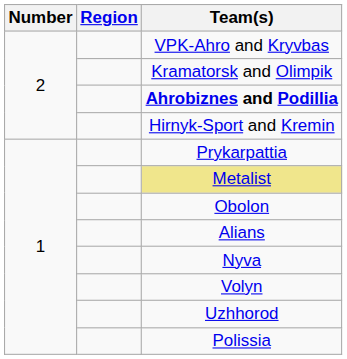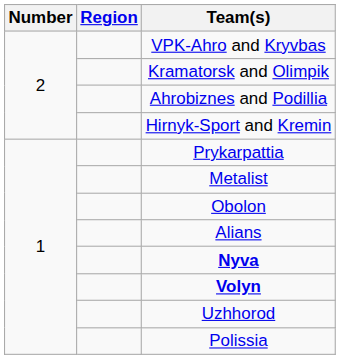 <table class="wikitable" style="text-align:center">
 <tr>
 <th>Number</th>
 <th><a href='#'>Region</a></th>
 <th>Team(s)</th>
 </tr>
 <tr>
 <td rowspan="4">2</td>
 <td align="left"></td>
 <td><a href='#'>VPK-Ahro</a> and <a href='#'>Kryvbas</a></td>
 </tr>
 <tr>
 <td align="left"></td>
 <td><a href='#'>Kramatorsk</a> and <a href='#'>Olimpik</a></td>
 </tr>
 <tr>
 <td align="left"></td>
-<td><strong><a href='#'>Ahrobiznes</a> and <a href='#'>Podillia</a></strong></td>
+<td><a href='#'>Ahrobiznes</a> and <a href='#'>Podillia</a></td>
 </tr>
 <tr>
 <td align="left"></td>
 <td><a href='#'>Hirnyk-Sport</a> and <a href='#'>Kremin</a></td>
 </tr>
 <tr>
 <td rowspan="14">1</td>
 <td align="left"></td>
 <td><a href='#'>Prykarpattia</a></td>
 </tr>
 <tr>
 <td align="left"></td>
-<td style="background: khaki;"><a href='#'>Metalist</a></td>
+<td><a href='#'>Metalist</a></td>
 </tr>
 <tr>
 <td align="left"></td>
 <td><a href='#'>Obolon</a></td>
 </tr>
 <tr>
 <td align="left"></td>
 <td><a href='#'>Alians</a></td>
 </tr>
 <tr>
 <td align="left"></td>
-<td><a href='#'>Nyva</a></td>
+<td><strong><a href='#'>Nyva</a></strong></td>
 </tr>
 <tr>
 <td align="left"></td>
-<td><a href='#'>Volyn</a></td>
+<td><strong><a href='#'>Volyn</a></strong></td>
 </tr>
 <tr>
 <td align="left"></td>
 <td><a href='#'>Uzhhorod</a></td>
 </tr>
 <tr>
 <td align="left"></td>
 <td><a href='#'>Polissia</a></td>
 </tr>
 </table>
